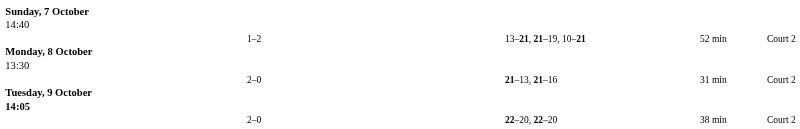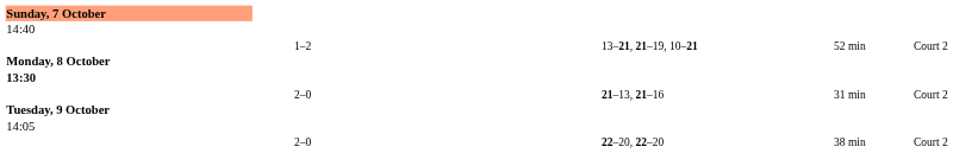 <table style="width:100%;" cellspacing="1">
 <tr>
 <th width=25%></th>
 <th width=10%></th>
 <th width=25%></th>
 </tr>
 <tr>
-<td><strong>Sunday, 7 October</strong></td>
+<td style="background: lightsalmon;"><strong>Sunday, 7 October</strong></td>
 </tr>
 <tr>
 <td>14:40</td>
 </tr>
 <tr style=font-size:90%>
 <td align=right></td>
 <td align=center>1–2</td>
 <td><strong></strong></td>
 <td>13–<strong>21</strong>, <strong>21</strong>–19, 10–<strong>21</strong></td>
 <td>52 min</td>
 <td>Court 2</td>
 </tr>
 <tr>
 <td><strong>Monday, 8 October</strong></td>
 </tr>
 <tr>
-<td>13:30</td>
+<td><strong>13:30</strong></td>
 </tr>
 <tr style=font-size:90%>
 <td align=right><strong></strong></td>
 <td align=center>2–0</td>
 <td></td>
 <td><strong>21</strong>–13, <strong>21</strong>–16</td>
 <td>31 min</td>
 <td>Court 2</td>
 </tr>
 <tr>
 <td><strong>Tuesday, 9 October</strong></td>
 </tr>
 <tr>
-<td><strong>14:05</strong></td>
+<td>14:05</td>
 </tr>
 <tr style=font-size:90%>
 <td align=right><strong></strong></td>
 <td align=center>2–0</td>
 <td></td>
 <td><strong>22</strong>–20, <strong>22</strong>–20</td>
 <td>38 min</td>
 <td>Court 2</td>
 </tr>
 </table>
